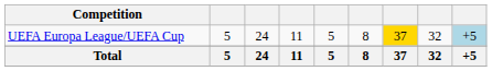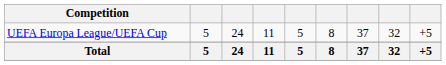 <table class="wikitable" style="text-align: center;">
 <tr>
 <th width="244">Competition</th>
 <th width="35"></th>
 <th width="35"></th>
 <th width="35"></th>
 <th width="35"></th>
 <th width="35"></th>
 <th width="35"></th>
 <th width="35"></th>
 <th width="35"></th>
 </tr>
 <tr>
 <td align="left"><a href='#'>UEFA Europa League/UEFA Cup</a></td>
 <td>5</td>
 <td>24</td>
 <td>11</td>
 <td>5</td>
 <td>8</td>
-<td style="background: gold;">37</td>
+<td>37</td>
 <td>32</td>
-<td style="background: lightblue;">+5</td>
+<td>+5</td>
 </tr>
 <tr>
 </tr>
 <tr class="sortbottom">
 <th>Total</th>
 <th><strong>5</strong></th>
 <th>24</th>
 <th>11</th>
 <th><strong>5</strong></th>
 <th>8</th>
 <th>37</th>
 <th><strong>32</strong></th>
 <th>+5</th>
 </tr>
 <tr>
 </tr>
 </table>
